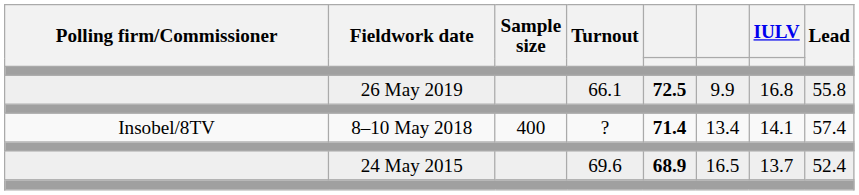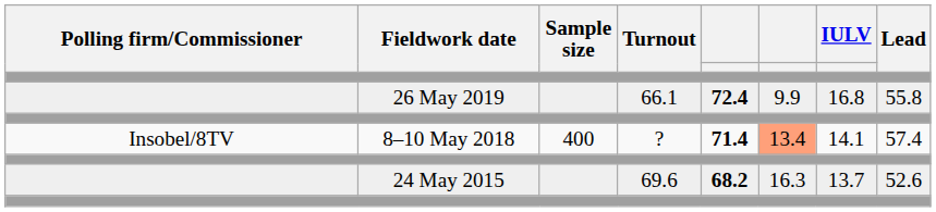 <table class="wikitable collapsible collapsed" style="text-align:center; font-size:95%; line-height:16px;">
 <tr style="height:42px;">
 <th style="width:250px;" rowspan="2">Polling firm/Commissioner</th>
 <th style="width:125px;" rowspan="2">Fieldwork date</th>
 <th style="width:50px;" rowspan="2">Sample size</th>
 <th style="width:45px;" rowspan="2">Turnout</th>
 <th style="width:35px;"></th>
 <th style="width:35px;"></th>
 <th style="width:35px;"><a href='#'>IULV</a></th>
 <th style="width:30px;" rowspan="2">Lead</th>
 </tr>
 <tr>
 <th style="color:inherit;background:"></th>
 <th style="color:inherit;background:"></th>
 <th style="color:inherit;background:"></th>
 </tr>
 <tr>
 <td colspan="8" style="background:#A0A0A0"></td>
 </tr>
 <tr style="background:#EFEFEF;">
 <td><strong></strong></td>
 <td>26 May 2019</td>
 <td></td>
 <td>66.1</td>
-<td><strong>72.5</strong><br></td>
+<td><strong>72.4</strong><br></td>
 <td>9.9<br></td>
 <td>16.8<br></td>
 <td style="background:">55.8</td>
 </tr>
 <tr>
 <td colspan="8" style="background:#A0A0A0"></td>
 </tr>
 <tr>
 <td>Insobel/8TV</td>
 <td>8–10 May 2018</td>
 <td>400</td>
 <td>?</td>
 <td><strong>71.4</strong><br></td>
-<td>13.4<br></td>
+<td style="background: lightsalmon;">13.4<br></td>
 <td>14.1<br></td>
 <td style="background:">57.4</td>
 </tr>
 <tr>
 <td colspan="8" style="background:#A0A0A0"></td>
 </tr>
 <tr style="background:#EFEFEF;">
 <td><strong></strong></td>
 <td>24 May 2015</td>
 <td></td>
 <td>69.6</td>
-<td><strong>68.9</strong><br></td>
-<td>16.5<br></td>
+<td><strong>68.2</strong><br></td>
+<td>16.3<br></td>
 <td>13.7<br></td>
-<td style="background:">52.4</td>
+<td style="background:">52.6</td>
 </tr>
 <tr>
 <td colspan="8" style="background:#A0A0A0"></td>
 </tr>
 </table>
